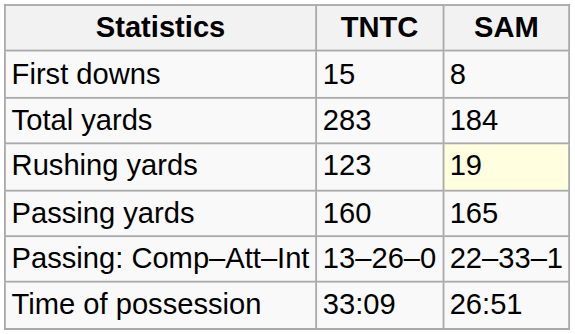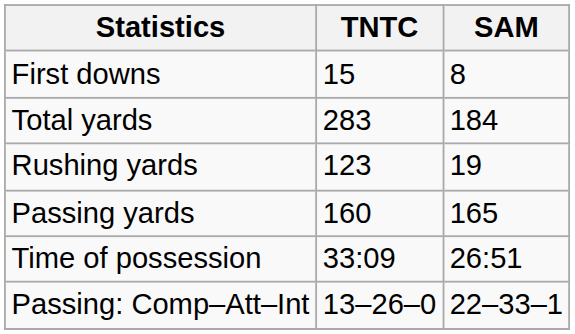 <table class="wikitable" style="float: left;">
 <tr>
 <th>Statistics</th>
 <th>TNTC</th>
 <th>SAM</th>
 </tr>
 <tr>
 <td>First downs</td>
 <td>15</td>
 <td>8</td>
 </tr>
 <tr>
 <td>Total yards</td>
 <td>283</td>
 <td>184</td>
 </tr>
 <tr>
 <td>Rushing yards</td>
 <td>123</td>
-<td style="background: lightyellow;">19</td>
+<td>19</td>
 </tr>
 <tr>
 <td>Passing yards</td>
 <td>160</td>
 <td>165</td>
 </tr>
 <tr>
+<td>Time of possession</td>
+<td>33:09</td>
+<td>26:51</td>
+</tr>
+<tr>
 <td>Passing: Comp–Att–Int</td>
 <td>13–26–0</td>
 <td>22–33–1</td>
 </tr>
 <tr>
-<td>Time of possession</td>
-<td>33:09</td>
-<td>26:51</td>
-</tr>
-<tr>
 </tr>
 </table>
